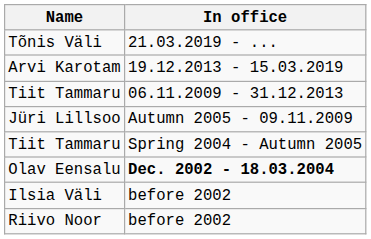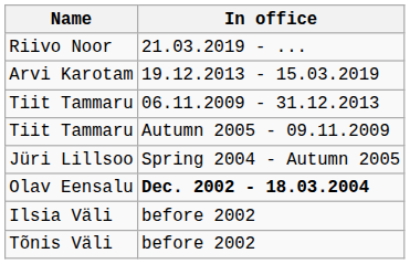 <table class="wikitable">
 <tr>
 <th>Name</th>
 <th>In office</th>
 </tr>
 <tr>
-<td>Tõnis Väli</td>
+<td>Riivo Noor</td>
 <td>21.03.2019 - ...</td>
 </tr>
 <tr>
 <td>Arvi Karotam</td>
 <td>19.12.2013 - 15.03.2019</td>
 </tr>
 <tr>
 <td>Tiit Tammaru</td>
 <td>06.11.2009 - 31.12.2013</td>
 </tr>
 <tr>
-<td>Jüri Lillsoo</td>
+<td>Tiit Tammaru</td>
 <td>Autumn 2005 - 09.11.2009</td>
 </tr>
 <tr>
-<td>Tiit Tammaru</td>
+<td>Jüri Lillsoo</td>
 <td>Spring 2004 - Autumn 2005</td>
 </tr>
 <tr>
 <td>Olav Eensalu</td>
 <td><strong>Dec. 2002 - 18.03.2004</strong></td>
 </tr>
 <tr>
 <td>Ilsia Väli</td>
 <td>before 2002</td>
 </tr>
 <tr>
-<td>Riivo Noor</td>
+<td>Tõnis Väli</td>
 <td>before 2002</td>
 </tr>
 </table>
